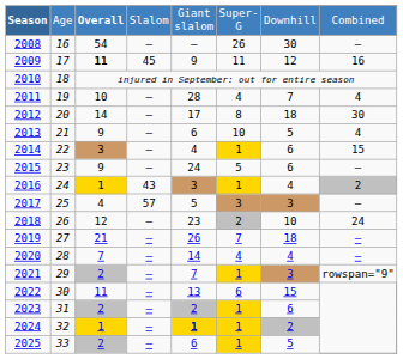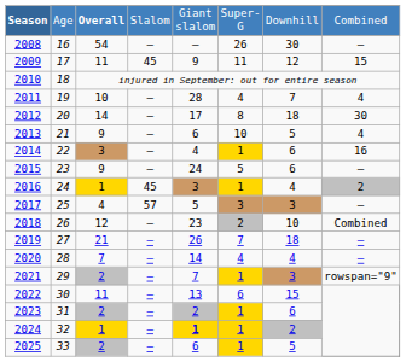 <table class="wikitable" style="font-size:95%; text-align:center; border:grey solid 1px; border-collapse:collapse;" width="40%">
 <tr style="background-color:#369; color:white;">
 <td rowspan="2" colspan="1" width="6%"><strong>Season</strong></td>
 </tr>
 <tr style="background-color:#4180be; color:white;">
 <td width="3%">Age</td>
 <td width="5%"><strong>Overall</strong></td>
 <td width="5%">Slalom</td>
 <td width="5%">Giant<br>slalom</td>
 <td width="5%">Super-G</td>
 <td width="5%">Downhill</td>
 <td width="5%">Combined</td>
 </tr>
 <tr style="background-color:#8CB2D8; color:white;">
 </tr>
 <tr>
 <td><a href='#'>2008</a></td>
 <td><em>16</em></td>
 <td>54</td>
 <td>—</td>
 <td>—</td>
 <td>26</td>
 <td>30</td>
 <td>—</td>
 </tr>
 <tr>
 <td><a href='#'>2009</a></td>
 <td><em>17</em></td>
-<td><strong>11</strong></td>
+<td>11</td>
 <td>45</td>
 <td>9</td>
 <td>11</td>
 <td>12</td>
-<td>16</td>
+<td>15</td>
 </tr>
 <tr>
 <td><a href='#'>2010</a></td>
 <td><em>18</em></td>
 <td colspan=6><small><em>injured in September: out for entire season</em></small></td>
 </tr>
 <tr>
 <td><a href='#'>2011</a></td>
 <td><em>19</em></td>
 <td>10</td>
 <td>—</td>
 <td>28</td>
 <td>4</td>
 <td>7</td>
 <td>4</td>
 </tr>
 <tr>
 <td><a href='#'>2012</a></td>
 <td><em>20</em></td>
 <td>14</td>
 <td>—</td>
 <td>17</td>
 <td>8</td>
 <td>18</td>
 <td>30</td>
 </tr>
 <tr>
 <td><a href='#'>2013</a></td>
 <td><em>21</em></td>
 <td>9</td>
 <td>—</td>
 <td>6</td>
 <td>10</td>
 <td>5</td>
 <td>4</td>
 </tr>
 <tr>
 <td><a href='#'>2014</a></td>
 <td><em>22</em></td>
 <td style="background:#c96;">3</td>
 <td>—</td>
 <td>4</td>
 <td style="background:gold;">1</td>
 <td>6</td>
-<td>15</td>
+<td>16</td>
 </tr>
 <tr>
 <td><a href='#'>2015</a></td>
 <td><em>23</em></td>
 <td>9</td>
 <td>—</td>
 <td>24</td>
 <td>5</td>
 <td>6</td>
 <td>—</td>
 </tr>
 <tr>
 <td><a href='#'>2016</a></td>
 <td><em>24</em></td>
 <td style="background:gold;">1</td>
-<td>43</td>
+<td>45</td>
 <td style="background:#c96;">3</td>
 <td style="background:gold;">1</td>
 <td>4</td>
 <td style="background:silver;">2</td>
 </tr>
 <tr>
 <td><a href='#'>2017</a></td>
 <td><em>25</em></td>
 <td>4</td>
 <td>57</td>
 <td>5</td>
 <td style="background:#c96;">3</td>
 <td style="background:#c96;">3</td>
 <td>—</td>
 </tr>
 <tr>
 <td><a href='#'>2018</a></td>
 <td><em>26</em></td>
 <td>12</td>
 <td>—</td>
 <td>23</td>
 <td style="background:silver;">2</td>
 <td>10</td>
-<td>24</td>
+<td width="5%">Combined</td>
 </tr>
 <tr>
 <td><a href='#'>2019</a></td>
 <td><em>27</em></td>
 <td><a href='#'>21</a></td>
 <td><a href='#'>—</a></td>
 <td><a href='#'>26</a></td>
 <td><a href='#'>7</a></td>
 <td><a href='#'>18</a></td>
 <td><a href='#'>—</a></td>
 </tr>
 <tr>
 <td><a href='#'>2020</a></td>
 <td><em>28</em></td>
 <td><a href='#'>7</a></td>
 <td><a href='#'>—</a></td>
 <td><a href='#'>14</a></td>
 <td><a href='#'>4</a></td>
 <td><a href='#'>4</a></td>
 <td><a href='#'>—</a></td>
 </tr>
 <tr>
 <td><a href='#'>2021</a></td>
 <td><em>29</em></td>
 <td style="background:silver;"><a href='#'>2</a></td>
 <td><a href='#'>—</a></td>
 <td><a href='#'>7</a></td>
 <td style="background:gold;"><a href='#'>1</a></td>
 <td style="background:#c96;"><a href='#'>3</a></td>
 <td>rowspan="9"  </td>
 </tr>
 <tr>
 <td><a href='#'>2022</a></td>
 <td><em>30</em></td>
 <td><a href='#'>11</a></td>
 <td><a href='#'>—</a></td>
 <td><a href='#'>13</a></td>
 <td><a href='#'>6</a></td>
 <td><a href='#'>15</a> </td>
 </tr>
 <tr>
 <td><a href='#'>2023</a></td>
 <td><em>31</em></td>
 <td style="background:silver;"><a href='#'>2</a></td>
 <td><a href='#'>—</a></td>
 <td style="background:silver;"><a href='#'>2</a></td>
 <td style="background:gold;"><a href='#'>1</a></td>
 <td><a href='#'>6</a></td>
 </tr>
 <tr>
 <td><a href='#'>2024</a></td>
 <td><em>32</em></td>
 <td style="background:gold;"><a href='#'>1</a></td>
 <td><a href='#'>—</a></td>
 <td style="background:gold;"><strong><a href='#'>1</a></strong></td>
 <td style="background:gold;"><a href='#'>1</a></td>
 <td style="background:silver;"><a href='#'>2</a></td>
 </tr>
 <tr>
 <td><a href='#'>2025</a></td>
 <td><em>33</em></td>
 <td style="background:silver;"><a href='#'>2</a></td>
 <td><a href='#'>—</a></td>
 <td><a href='#'>6</a></td>
 <td style="background:gold;"><a href='#'>1</a></td>
 <td><a href='#'>5</a></td>
 </tr>
 </table>
